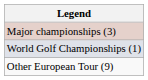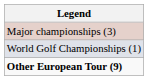 <table class="wikitable" style="font-size:95%;">
 <tr>
 <th>Legend</th>
 </tr>
 <tr style="background:#e5d1cb;">
 <td>Major championships (3)</td>
 </tr>
 <tr style="background:#dfe2e9;">
 <td>World Golf Championships (1)</td>
 </tr>
 <tr>
-<td>Other European Tour (9)</td>
+<td><strong>Other European Tour (9)</strong></td>
 </tr>
 </table>
